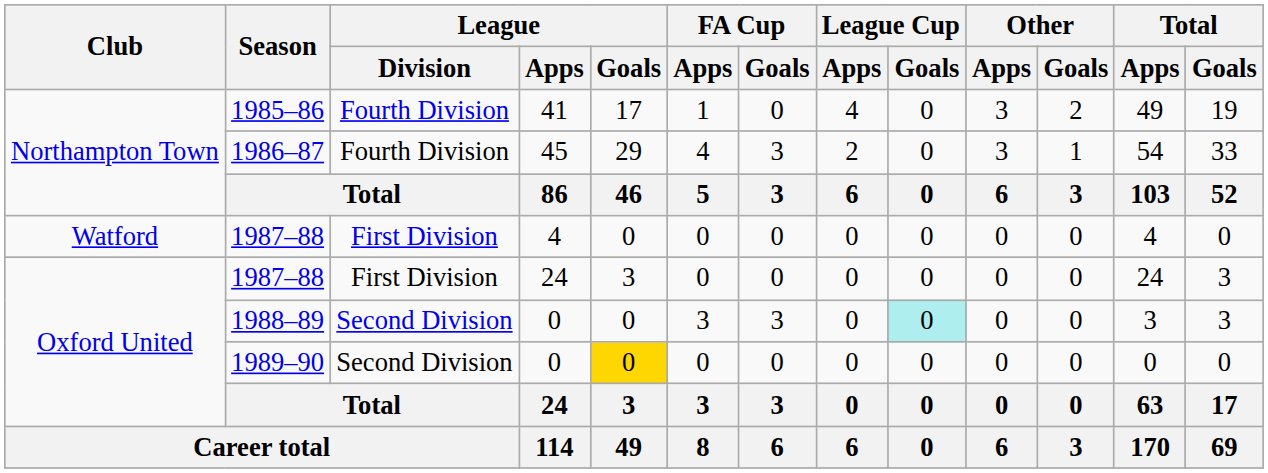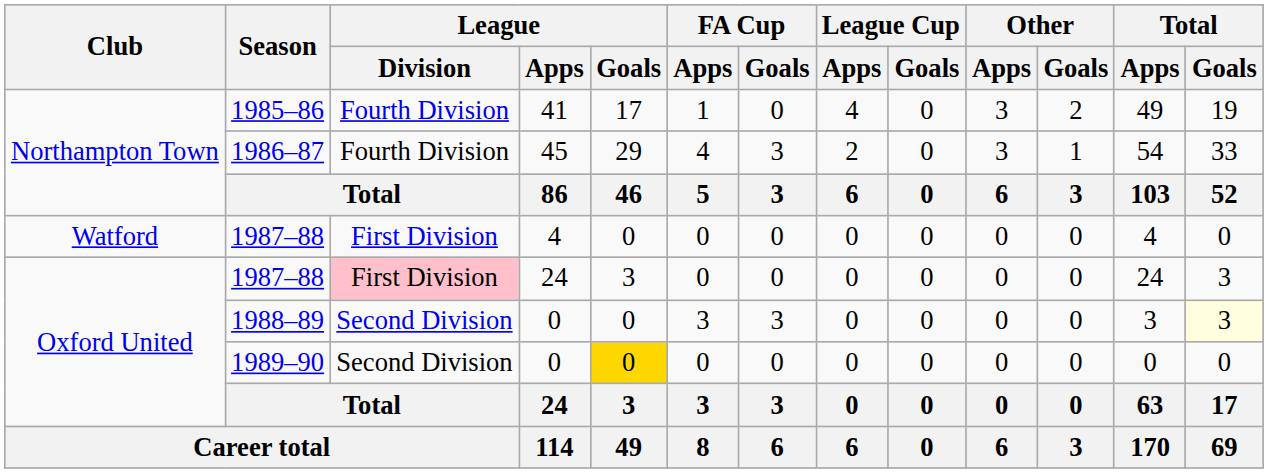 <table class="wikitable" style="text-align: center;">
 <tr>
 <th rowspan="2">Club</th>
 <th rowspan="2">Season</th>
 <th colspan="3">League</th>
 <th colspan="2">FA Cup</th>
 <th colspan="2">League Cup</th>
 <th colspan="2">Other</th>
 <th colspan="3">Total</th>
 </tr>
 <tr>
 <th>Division</th>
 <th>Apps</th>
 <th>Goals</th>
 <th>Apps</th>
 <th>Goals</th>
 <th>Apps</th>
 <th>Goals</th>
 <th>Apps</th>
 <th>Goals</th>
 <th>Apps</th>
 <th>Goals</th>
 </tr>
 <tr>
 <td rowspan="3"><a href='#'>Northampton Town</a></td>
 <td><a href='#'>1985–86</a></td>
 <td><a href='#'>Fourth Division</a></td>
 <td>41</td>
 <td>17</td>
 <td>1</td>
 <td>0</td>
 <td>4</td>
 <td>0</td>
 <td>3</td>
 <td>2</td>
 <td>49</td>
 <td>19</td>
 </tr>
 <tr>
 <td><a href='#'>1986–87</a></td>
 <td>Fourth Division</td>
 <td>45</td>
 <td>29</td>
 <td>4</td>
 <td>3</td>
 <td>2</td>
 <td>0</td>
 <td>3</td>
 <td>1</td>
 <td>54</td>
 <td>33</td>
 </tr>
 <tr>
 <th colspan="2">Total</th>
 <th>86</th>
 <th>46</th>
 <th>5</th>
 <th>3</th>
 <th>6</th>
 <th>0</th>
 <th>6</th>
 <th>3</th>
 <th>103</th>
 <th>52</th>
 </tr>
 <tr>
 <td><a href='#'>Watford</a></td>
 <td><a href='#'>1987–88</a></td>
 <td><a href='#'>First Division</a></td>
 <td>4</td>
 <td>0</td>
 <td>0</td>
 <td>0</td>
 <td>0</td>
 <td>0</td>
 <td>0</td>
 <td>0</td>
 <td>4</td>
 <td>0</td>
 </tr>
 <tr>
 <td rowspan="4"><a href='#'>Oxford United</a></td>
 <td><a href='#'>1987–88</a></td>
-<td>First Division</td>
+<td style="background: pink;">First Division</td>
 <td>24</td>
 <td>3</td>
 <td>0</td>
 <td>0</td>
 <td>0</td>
 <td>0</td>
 <td>0</td>
 <td>0</td>
 <td>24</td>
 <td>3</td>
 </tr>
 <tr>
 <td><a href='#'>1988–89</a></td>
 <td><a href='#'>Second Division</a></td>
 <td>0</td>
 <td>0</td>
 <td>3</td>
 <td>3</td>
 <td>0</td>
-<td style="background: paleturquoise;">0</td>
+<td>0</td>
 <td>0</td>
 <td>0</td>
 <td>3</td>
-<td>3</td>
+<td style="background: lightyellow;">3</td>
 </tr>
 <tr>
 <td><a href='#'>1989–90</a></td>
 <td>Second Division</td>
 <td>0</td>
 <td style="background: gold;">0</td>
 <td>0</td>
 <td>0</td>
 <td>0</td>
 <td>0</td>
 <td>0</td>
 <td>0</td>
 <td>0</td>
 <td>0</td>
 </tr>
 <tr>
 <th colspan="2">Total</th>
 <th>24</th>
 <th>3</th>
 <th>3</th>
 <th>3</th>
 <th>0</th>
 <th>0</th>
 <th>0</th>
 <th>0</th>
 <th>63</th>
 <th>17</th>
 </tr>
 <tr>
 <th colspan="3">Career total</th>
 <th>114</th>
 <th>49</th>
 <th>8</th>
 <th>6</th>
 <th>6</th>
 <th>0</th>
 <th>6</th>
 <th>3</th>
 <th>170</th>
 <th>69</th>
 </tr>
 </table>
